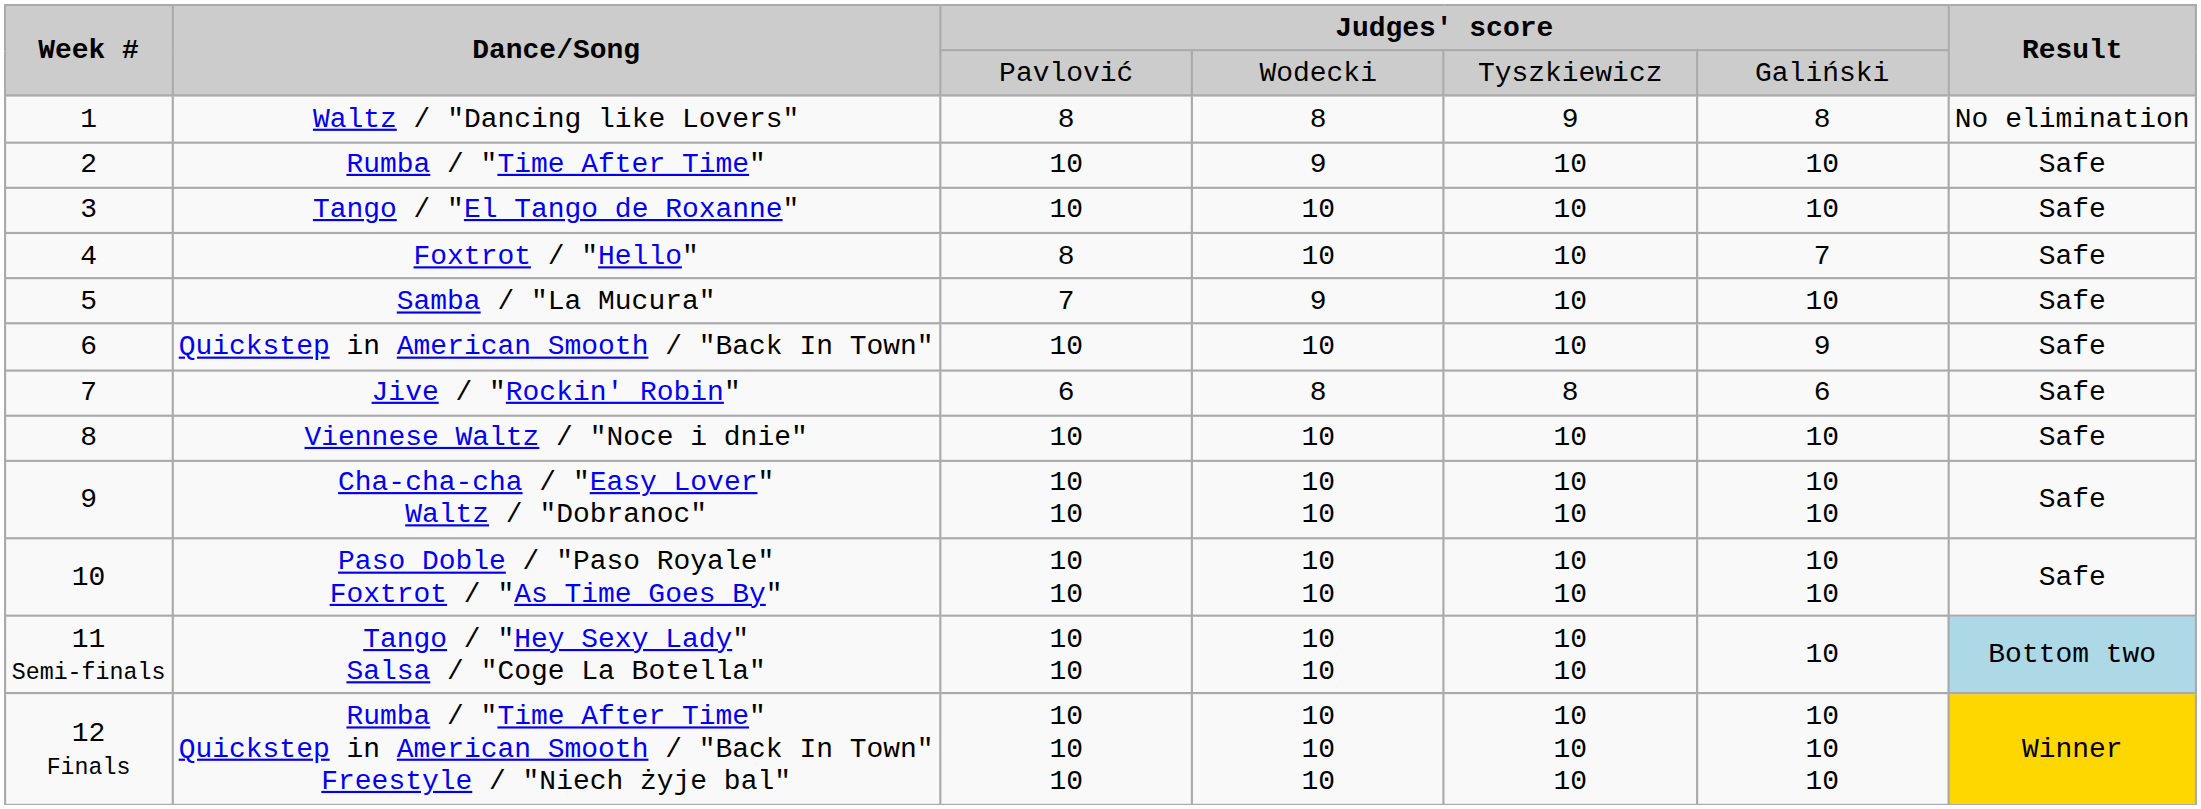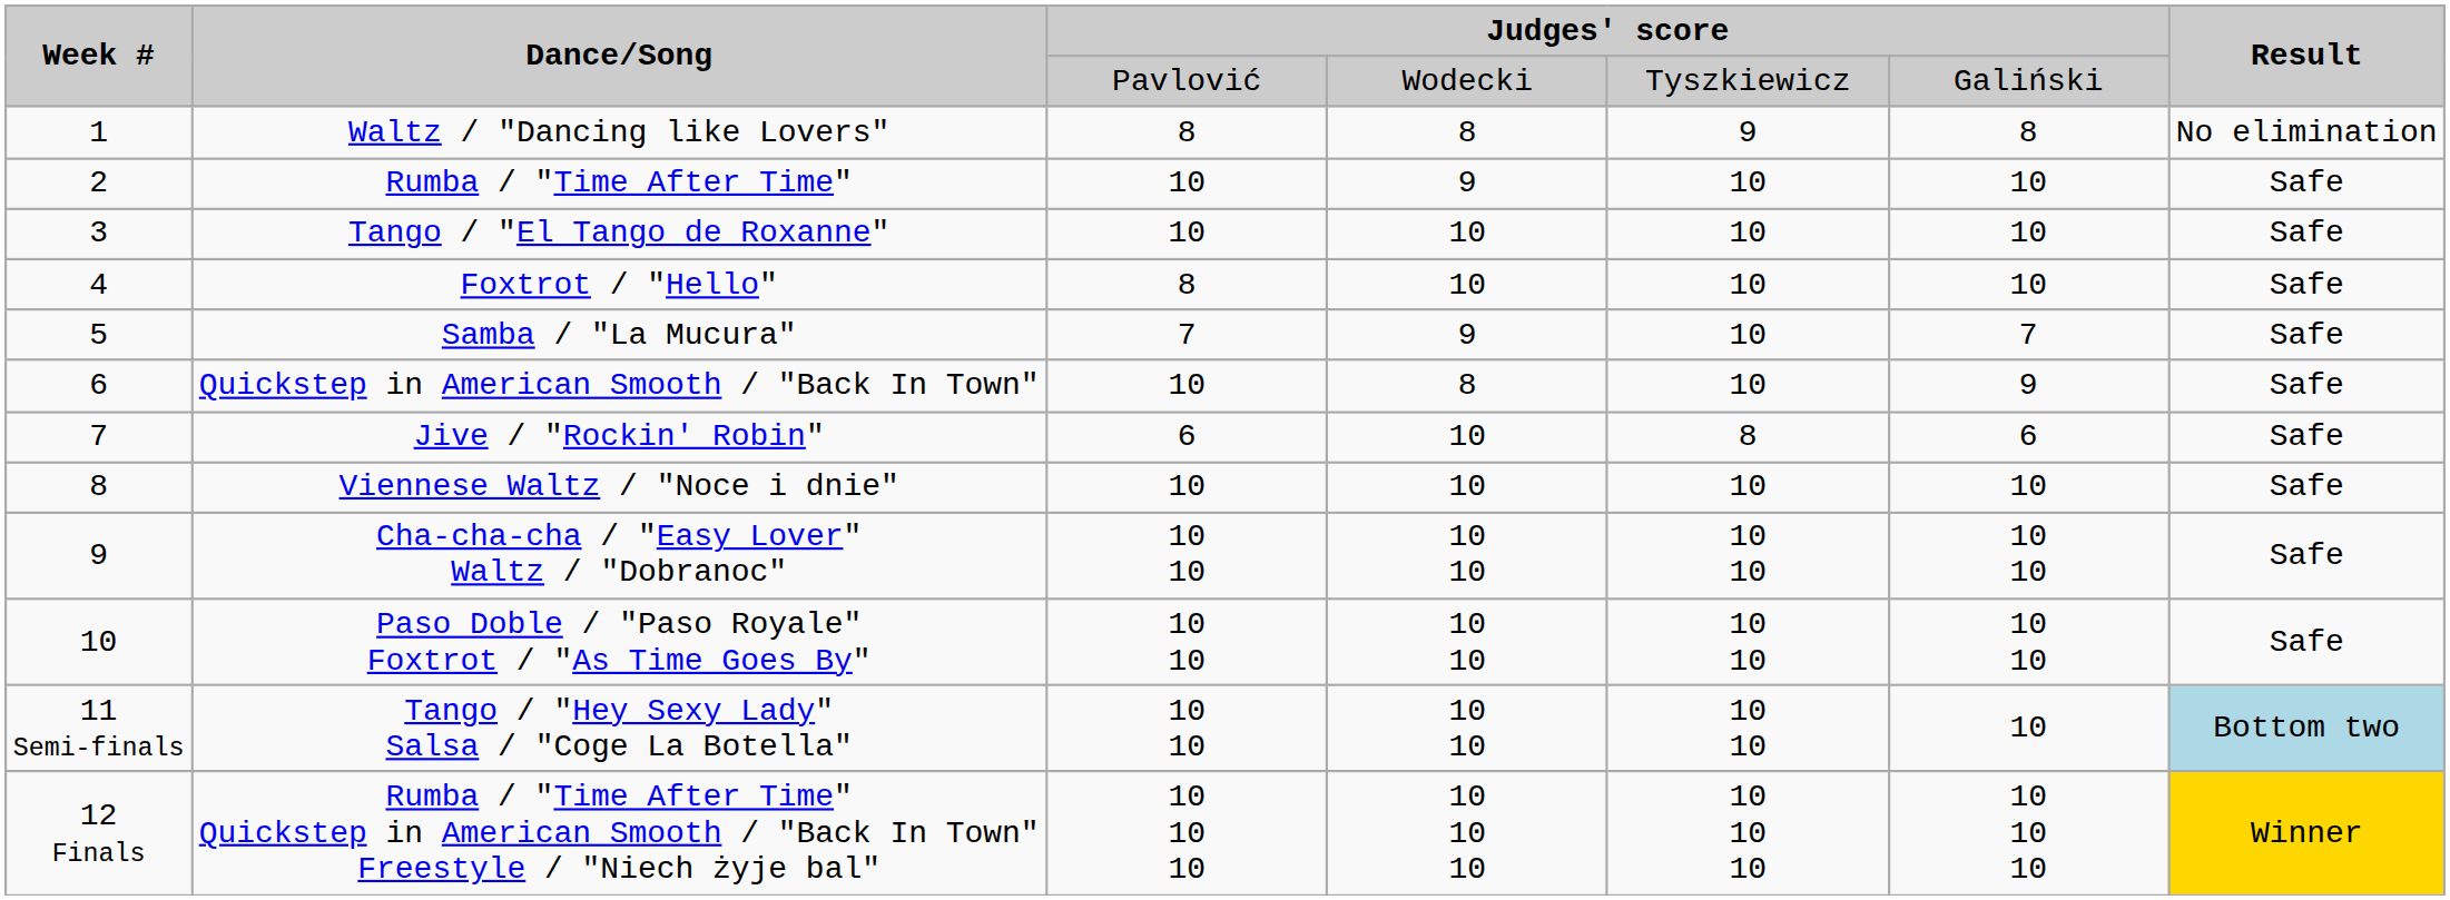 <table class="wikitable">
 <tr style="text-align:Center; background:#ccc;">
 <td rowspan="2"><strong>Week #</strong></td>
 <td rowspan="2"><strong>Dance/Song</strong></td>
 <td colspan="4"><strong>Judges' score</strong></td>
 <td rowspan="2"><strong>Result</strong></td>
 </tr>
 <tr style="text-align:center; background:#ccc;">
 <td style="width:11.5%; ">Pavlović</td>
 <td style="width:11.5%; ">Wodecki</td>
 <td style="width:11.5%; ">Tyszkiewicz</td>
 <td style="width:11.5%; ">Galiński</td>
 </tr>
 <tr>
 <td style="text-align:center;">1</td>
 <td style="text-align:center;"><a href='#'>Waltz</a> / "Dancing like Lovers"</td>
 <td style="text-align:center;">8</td>
 <td style="text-align:center;">8</td>
 <td style="text-align:center;">9</td>
 <td style="text-align:center;">8</td>
 <td style="text-align:center;">No elimination</td>
 </tr>
 <tr>
 <td style="text-align:center;">2</td>
 <td style="text-align:center;"><a href='#'>Rumba</a> / "<a href='#'>Time After Time</a>"</td>
 <td style="text-align:center;">10</td>
 <td style="text-align:center;">9</td>
 <td style="text-align:center;">10</td>
 <td style="text-align:center;">10</td>
 <td style="text-align:center;">Safe</td>
 </tr>
 <tr>
 <td style="text-align:center;">3</td>
 <td style="text-align:center;"><a href='#'>Tango</a> / "<a href='#'>El Tango de Roxanne</a>"</td>
 <td style="text-align:center;">10</td>
 <td style="text-align:center;">10</td>
 <td style="text-align:center;">10</td>
 <td style="text-align:center;">10</td>
 <td style="text-align:center;">Safe</td>
 </tr>
 <tr>
 <td style="text-align:center;">4</td>
 <td style="text-align:center;"><a href='#'>Foxtrot</a> / "<a href='#'>Hello</a>"</td>
 <td style="text-align:center;">8</td>
 <td style="text-align:center;">10</td>
 <td style="text-align:center;">10</td>
-<td style="text-align:center;">7</td>
+<td style="text-align:center;">10</td>
 <td style="text-align:center;">Safe</td>
 </tr>
 <tr>
 <td style="text-align:center;">5</td>
 <td style="text-align:center;"><a href='#'>Samba</a> / "La Mucura"</td>
 <td style="text-align:center;">7</td>
 <td style="text-align:center;">9</td>
 <td style="text-align:center;">10</td>
-<td style="text-align:center;">10</td>
+<td style="text-align:center;">7</td>
 <td style="text-align:center;">Safe</td>
 </tr>
 <tr>
 <td style="text-align:center;">6</td>
 <td style="text-align:center;"><a href='#'>Quickstep</a> in <a href='#'>American Smooth</a> / "Back In Town"</td>
 <td style="text-align:center;">10</td>
-<td style="text-align:center;">10</td>
+<td style="text-align:center;">8</td>
 <td style="text-align:center;">10</td>
 <td style="text-align:center;">9</td>
 <td style="text-align:center;">Safe</td>
 </tr>
 <tr>
 <td style="text-align:center;">7</td>
 <td style="text-align:center;"><a href='#'>Jive</a> / "<a href='#'>Rockin' Robin</a>"</td>
 <td style="text-align:center;">6</td>
-<td style="text-align:center;">8</td>
+<td style="text-align:center;">10</td>
 <td style="text-align:center;">8</td>
 <td style="text-align:center;">6</td>
 <td style="text-align:center;">Safe</td>
 </tr>
 <tr>
 <td style="text-align:center;">8</td>
 <td style="text-align:center;"><a href='#'>Viennese Waltz</a> / "Noce i dnie"</td>
 <td style="text-align:center;">10</td>
 <td style="text-align:center;">10</td>
 <td style="text-align:center;">10</td>
 <td style="text-align:center;">10</td>
 <td style="text-align:center;">Safe</td>
 </tr>
 <tr>
 <td style="text-align:center;">9</td>
 <td style="text-align:center;"><a href='#'>Cha-cha-cha</a> / "<a href='#'>Easy Lover</a>" <br><a href='#'>Waltz</a> / "Dobranoc"</td>
 <td style="text-align:center;">10<br>10</td>
 <td style="text-align:center;">10<br>10</td>
 <td style="text-align:center;">10<br>10</td>
 <td style="text-align:center;">10<br>10</td>
 <td style="text-align:center;">Safe</td>
 </tr>
 <tr>
 <td style="text-align:center;">10</td>
 <td style="text-align:center;"><a href='#'>Paso Doble</a> / "Paso Royale" <br><a href='#'>Foxtrot</a> / "<a href='#'>As Time Goes By</a>"</td>
 <td style="text-align:center;">10<br>10</td>
 <td style="text-align:center;">10<br>10</td>
 <td style="text-align:center;">10<br>10</td>
 <td style="text-align:center;">10<br>10</td>
 <td style="text-align:center;">Safe</td>
 </tr>
 <tr>
 <td style="text-align:center;">11<br><small>Semi-finals</small></td>
 <td style="text-align:center;"><a href='#'>Tango</a> / "<a href='#'>Hey Sexy Lady</a>"<br><a href='#'>Salsa</a> / "Coge La Botella"</td>
 <td style="text-align:center;">10<br>10</td>
 <td style="text-align:center;">10<br>10</td>
 <td style="text-align:center;">10<br>10</td>
 <td style="text-align:center;">10</td>
 <td style="text-align:center; background:lightblue">Bottom two</td>
 </tr>
 <tr>
 <td style="text-align:center;">12<br><small>Finals</small></td>
 <td style="text-align:center;"><a href='#'>Rumba</a> / "<a href='#'>Time After Time</a>"<br><a href='#'>Quickstep</a> in <a href='#'>American Smooth</a> / "Back In Town"<br><a href='#'>Freestyle</a> / "Niech żyje bal"</td>
 <td style="text-align:center;">10<br>10<br>10</td>
 <td style="text-align:center;">10<br>10<br>10</td>
 <td style="text-align:center;">10<br>10<br>10</td>
 <td style="text-align:center;">10<br>10<br>10</td>
 <td style="text-align:center; background:gold;">Winner</td>
 </tr>
 </table>
